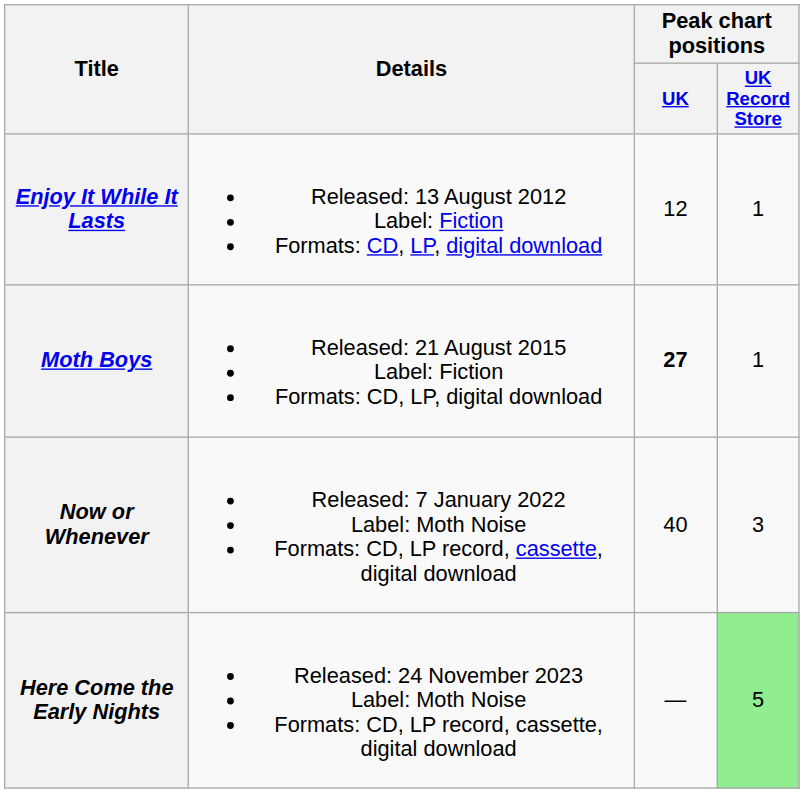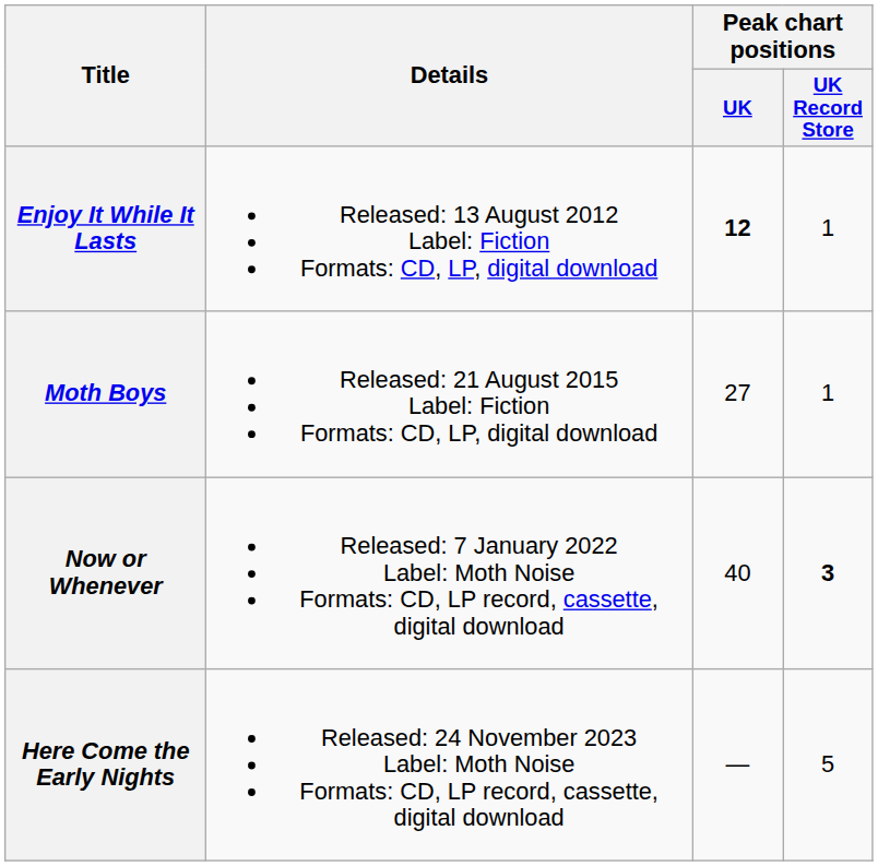 <table class="wikitable plainrowheaders" style="text-align:center;">
 <tr>
 <th scope="col" rowspan="2" style="width:8em;">Title</th>
 <th scope="col" rowspan="2" style="width:20em;">Details</th>
 <th scope="col" colspan="5">Peak chart positions</th>
 </tr>
 <tr>
 <th style="width:4em;font-size:85%"><a href='#'>UK</a><br></th>
 <th style="width:4em;font-size:85%"><a href='#'>UK<br>Record<br>Store</a></th>
 </tr>
 <tr>
 <th scope="row"><em><a href='#'>Enjoy It While It Lasts</a></em></th>
 <td><br><ul><li>Released: 13 August 2012</li><li>Label: <a href='#'>Fiction</a></li><li>Formats: <a href='#'>CD</a>, <a href='#'>LP</a>, <a href='#'>digital download</a></li></ul></td>
-<td>12</td>
+<td><strong>12</strong></td>
 <td>1</td>
 </tr>
 <tr>
 <th scope="row"><em><a href='#'>Moth Boys</a></em></th>
 <td><br><ul><li>Released: 21 August 2015</li><li>Label: Fiction</li><li>Formats: CD, LP, digital download</li></ul></td>
-<td><strong>27</strong></td>
+<td>27</td>
 <td>1</td>
 </tr>
 <tr>
 <th scope="row"><em>Now or Whenever</em></th>
 <td><br><ul><li>Released: 7 January 2022</li><li>Label: Moth Noise</li><li>Formats: CD, LP record, <a href='#'>cassette</a>, digital download</li></ul></td>
 <td>40</td>
-<td>3</td>
+<td><strong>3</strong></td>
 </tr>
 <tr>
 <th scope="row"><em>Here Come the Early Nights</em></th>
 <td><br><ul><li>Released: 24 November 2023</li><li>Label: Moth Noise</li><li>Formats: CD, LP record, cassette, digital download</li></ul></td>
 <td>—</td>
-<td style="background: lightgreen;">5</td>
+<td>5</td>
 </tr>
 </table>
